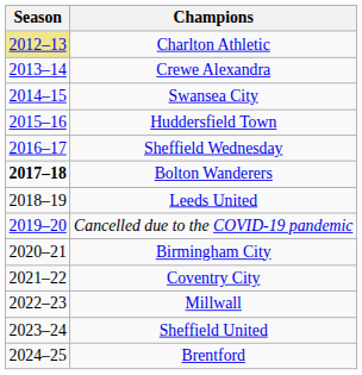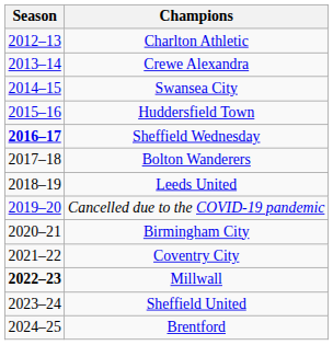 <table class="wikitable">
 <tr>
 <th>Season</th>
 <th>Champions</th>
 </tr>
 <tr>
-<td style="background: khaki;"><a href='#'>2012–13</a></td>
+<td><a href='#'>2012–13</a></td>
 <td style="text-align:center;"><a href='#'>Charlton Athletic</a></td>
 </tr>
 <tr>
 <td><a href='#'>2013–14</a></td>
 <td style="text-align:center;"><a href='#'>Crewe Alexandra</a></td>
 </tr>
 <tr>
 <td><a href='#'>2014–15</a></td>
 <td style="text-align:center;"><a href='#'>Swansea City</a></td>
 </tr>
 <tr>
 <td><a href='#'>2015–16</a></td>
 <td style="text-align:center;"><a href='#'>Huddersfield Town</a></td>
 </tr>
 <tr>
-<td><a href='#'>2016–17</a></td>
+<td><strong><a href='#'>2016–17</a></strong></td>
 <td style="text-align:center;"><a href='#'>Sheffield Wednesday</a></td>
 </tr>
 <tr>
-<td><strong>2017–18</strong></td>
+<td>2017–18</td>
 <td style="text-align:center;"><a href='#'>Bolton Wanderers</a></td>
 </tr>
 <tr>
 <td>2018–19</td>
 <td style="text-align:center;"><a href='#'>Leeds United</a></td>
 </tr>
 <tr>
 <td><a href='#'>2019–20</a></td>
 <td style="text-align:center;"><em>Cancelled due to the <a href='#'>COVID-19 pandemic</a></em></td>
 </tr>
 <tr>
 <td>2020–21</td>
 <td style="text-align:center;"><a href='#'>Birmingham City</a></td>
 </tr>
 <tr>
 <td>2021–22</td>
 <td style="text-align:center;"><a href='#'>Coventry City</a></td>
 </tr>
 <tr>
-<td>2022–23</td>
+<td><strong>2022–23</strong></td>
 <td style="text-align:center;"><a href='#'>Millwall</a></td>
 </tr>
 <tr>
 <td>2023–24</td>
 <td style="text-align:center;"><a href='#'>Sheffield United</a></td>
 </tr>
 <tr>
 <td>2024–25</td>
 <td style="text-align:center;"><a href='#'>Brentford</a></td>
 </tr>
 </table>
